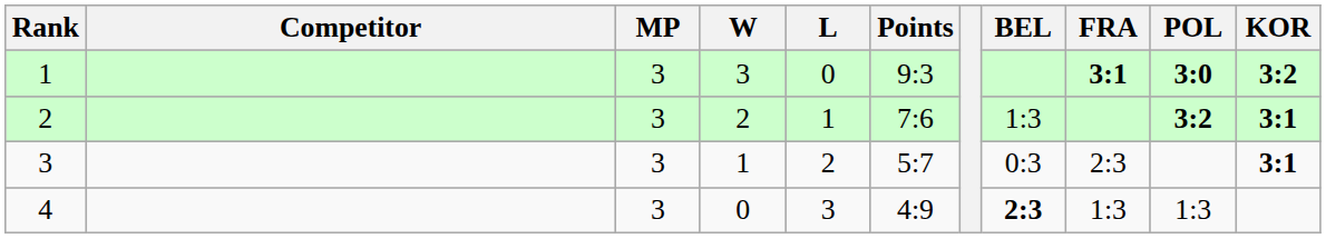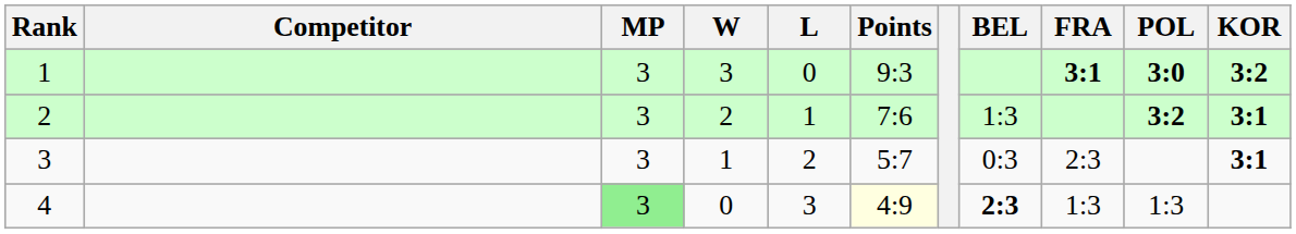 <table class="wikitable" style="text-align:center">
 <tr>
 <th>Rank</th>
 <th style="width:18em">Competitor</th>
 <th style="width:2.5em">MP</th>
 <th style="width:2.5em">W</th>
 <th style="width:2.5em">L</th>
 <th>Points</th>
 <th rowspan="5"> </th>
 <th style="width:2.5em">BEL</th>
 <th style="width:2.5em">FRA</th>
 <th style="width:2.5em">POL</th>
 <th style="width:2.5em">KOR</th>
 </tr>
 <tr style="background:#cfc;">
 <td>1</td>
 <td style="text-align:left"></td>
 <td>3</td>
 <td>3</td>
 <td>0</td>
 <td>9:3</td>
 <td></td>
 <td><strong>3:1</strong></td>
 <td><strong>3:0</strong></td>
 <td><strong>3:2</strong></td>
 </tr>
 <tr style="background:#cfc;">
 <td>2</td>
 <td style="text-align:left"></td>
 <td>3</td>
 <td>2</td>
 <td>1</td>
 <td>7:6</td>
 <td>1:3</td>
 <td></td>
 <td><strong>3:2</strong></td>
 <td><strong>3:1</strong></td>
 </tr>
 <tr>
 <td>3</td>
 <td style="text-align:left"></td>
 <td>3</td>
 <td>1</td>
 <td>2</td>
 <td>5:7</td>
 <td>0:3</td>
 <td>2:3</td>
 <td></td>
 <td><strong>3:1</strong></td>
 </tr>
 <tr>
 <td>4</td>
 <td style="text-align:left"></td>
-<td>3</td>
+<td style="background: lightgreen;">3</td>
 <td>0</td>
 <td>3</td>
-<td>4:9</td>
+<td style="background: lightyellow;">4:9</td>
 <td><strong>2:3</strong></td>
 <td>1:3</td>
 <td>1:3</td>
 <td></td>
 </tr>
 </table>
